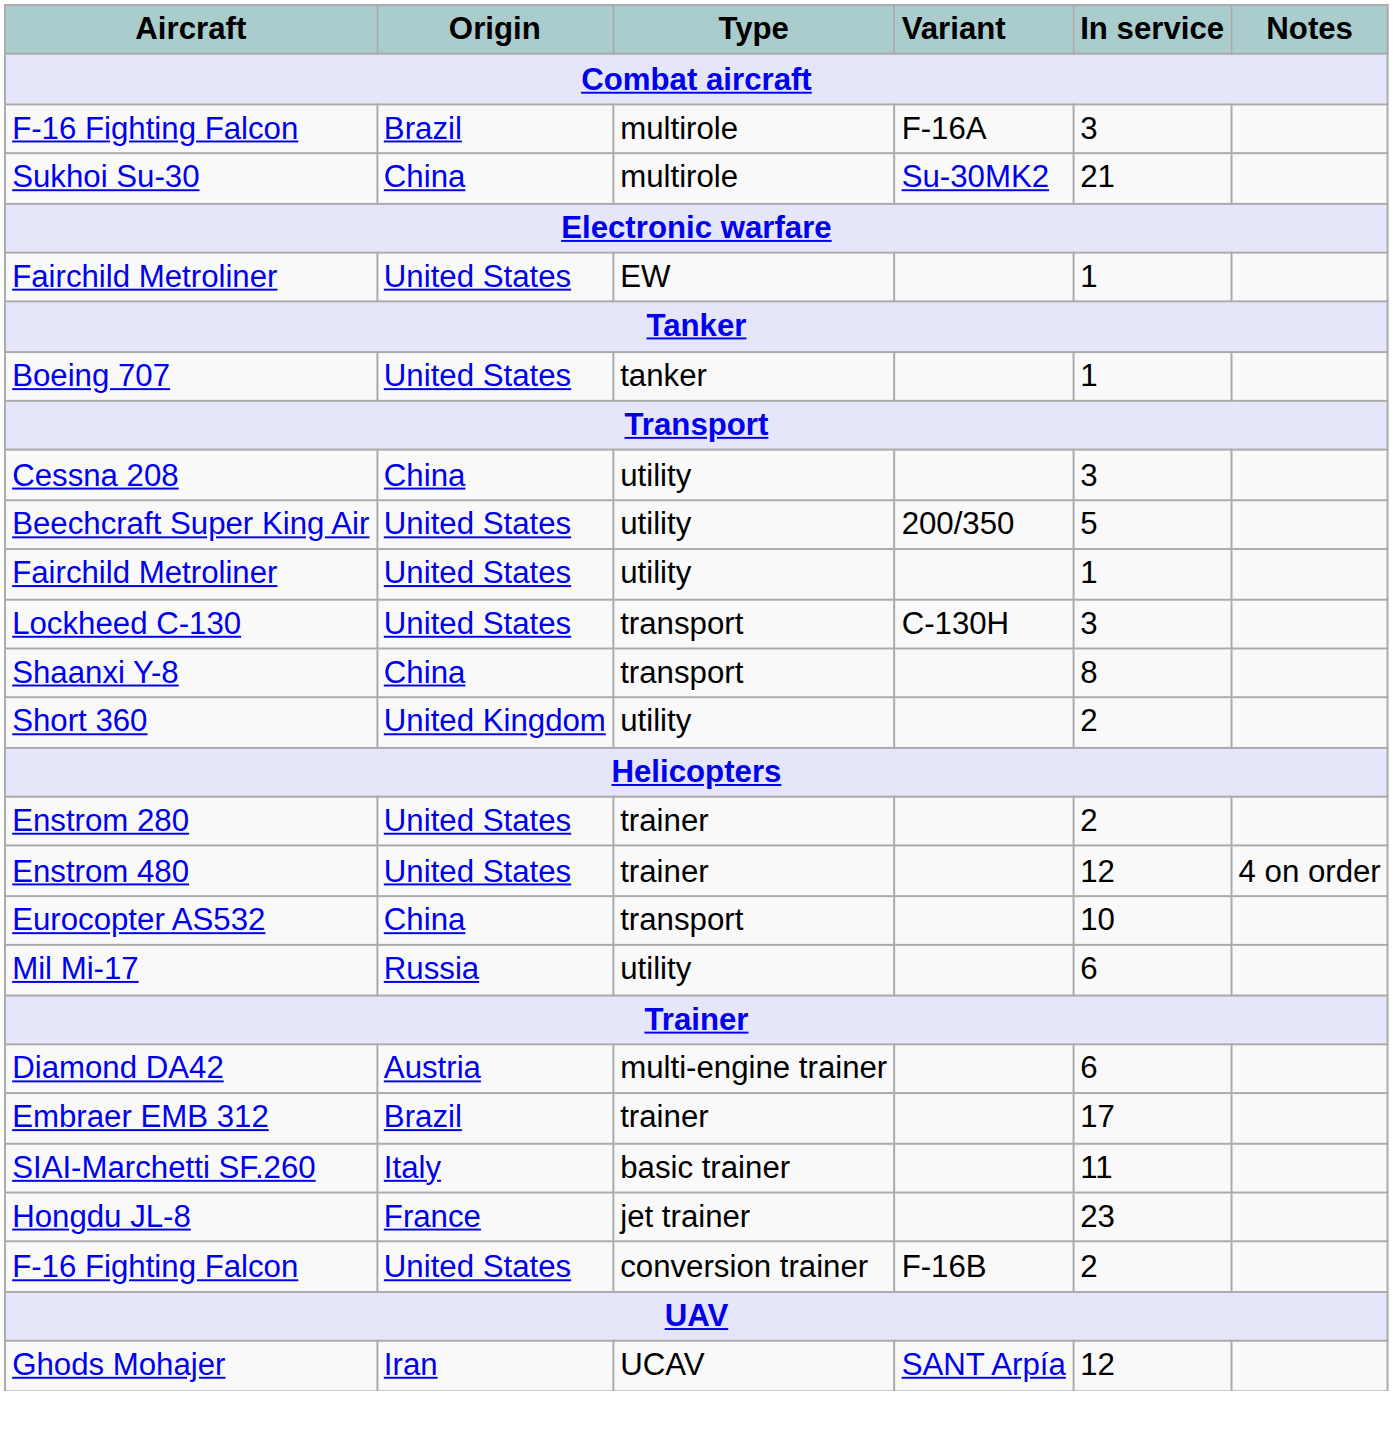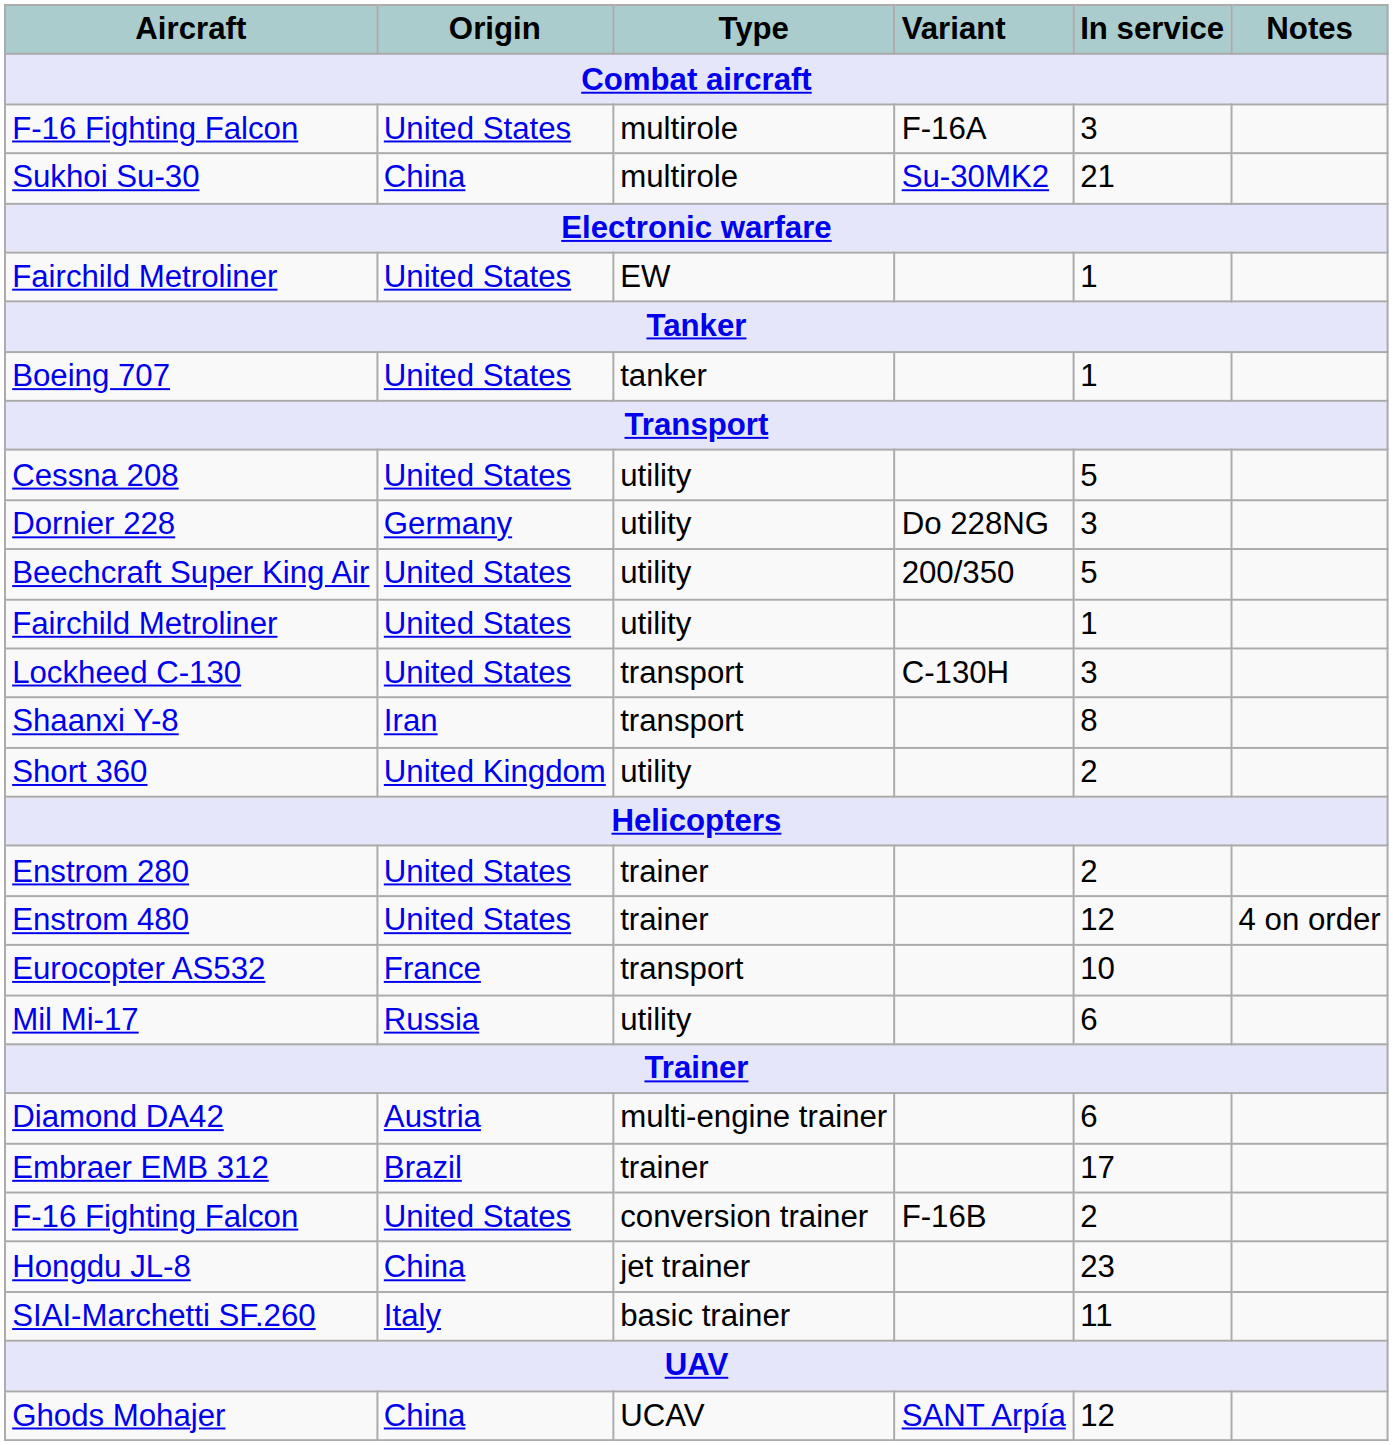 <table class="wikitable">
 <tr>
 <th style="text-align:center; background:#acc;">Aircraft</th>
 <th style="text-align: center; background:#acc;">Origin</th>
 <th style="text-align:l center; background:#acc;">Type</th>
 <th style="text-align:left; background:#acc;">Variant</th>
 <th style="text-align:center; background:#acc;">In service</th>
 <th style="text-align: center; background:#acc;">Notes</th>
 </tr>
 <tr>
 <th colspan="6" style="align: center; background: lavender;"><a href='#'>Combat aircraft</a></th>
 </tr>
 <tr>
 <td><a href='#'>F-16 Fighting Falcon</a></td>
-<td><a href='#'>Brazil</a></td>
+<td><a href='#'>United States</a></td>
 <td>multirole</td>
 <td>F-16A</td>
 <td>3</td>
 <td></td>
 </tr>
 <tr>
 <td><a href='#'>Sukhoi Su-30</a></td>
 <td><a href='#'>China</a></td>
 <td>multirole</td>
 <td><a href='#'>Su-30MK2</a></td>
 <td>21</td>
 <td></td>
 </tr>
 <tr>
 <th colspan="6" style="align: center; background: lavender;"><a href='#'>Electronic warfare</a></th>
 </tr>
 <tr>
 <td><a href='#'>Fairchild Metroliner</a></td>
 <td><a href='#'>United States</a></td>
 <td>EW</td>
 <td></td>
 <td>1</td>
 <td></td>
 </tr>
 <tr>
 <th colspan="6" style="align: center; background: lavender;"><a href='#'>Tanker</a></th>
 </tr>
 <tr>
 <td><a href='#'>Boeing 707</a></td>
 <td><a href='#'>United States</a></td>
 <td>tanker</td>
 <td></td>
 <td>1</td>
 <td></td>
 </tr>
 <tr>
 <th colspan="6" style="align: center; background: lavender;"><a href='#'>Transport</a></th>
 </tr>
 <tr>
 <td><a href='#'>Cessna 208</a></td>
-<td><a href='#'>China</a></td>
+<td><a href='#'>United States</a></td>
 <td>utility</td>
 <td></td>
+<td>5</td>
+<td></td>
+</tr>
+<tr>
+<td><a href='#'>Dornier 228</a></td>
+<td><a href='#'>Germany</a></td>
+<td>utility</td>
+<td>Do 228NG</td>
 <td>3</td>
 <td></td>
 </tr>
 <tr>
 <td><a href='#'>Beechcraft Super King Air</a></td>
 <td><a href='#'>United States</a></td>
 <td>utility</td>
 <td>200/350</td>
 <td>5</td>
 <td></td>
 </tr>
 <tr>
 <td><a href='#'>Fairchild Metroliner</a></td>
 <td><a href='#'>United States</a></td>
 <td>utility</td>
 <td></td>
 <td>1</td>
 <td></td>
 </tr>
 <tr>
 <td><a href='#'>Lockheed C-130</a></td>
 <td><a href='#'>United States</a></td>
 <td>transport</td>
 <td>C-130H</td>
 <td>3</td>
 <td></td>
 </tr>
 <tr>
 <td><a href='#'>Shaanxi Y-8</a></td>
-<td><a href='#'>China</a></td>
+<td><a href='#'>Iran</a></td>
 <td>transport</td>
 <td></td>
 <td>8</td>
 <td></td>
 </tr>
 <tr>
 <td><a href='#'>Short 360</a></td>
 <td><a href='#'>United Kingdom</a></td>
 <td>utility</td>
 <td></td>
 <td>2</td>
 <td></td>
 </tr>
 <tr>
 <th colspan="6" style="align: center; background: lavender;"><a href='#'>Helicopters</a></th>
 </tr>
 <tr>
 <td><a href='#'>Enstrom 280</a></td>
 <td><a href='#'>United States</a></td>
 <td>trainer</td>
 <td></td>
 <td>2</td>
 <td></td>
 </tr>
 <tr>
 <td><a href='#'>Enstrom 480</a></td>
 <td><a href='#'>United States</a></td>
 <td>trainer</td>
 <td></td>
 <td>12</td>
 <td>4 on order</td>
 </tr>
 <tr>
 <td><a href='#'>Eurocopter AS532</a></td>
-<td><a href='#'>China</a></td>
+<td><a href='#'>France</a></td>
 <td>transport</td>
 <td></td>
 <td>10</td>
 <td></td>
 </tr>
 <tr>
 <td><a href='#'>Mil Mi-17</a></td>
 <td><a href='#'>Russia</a></td>
 <td>utility</td>
 <td></td>
 <td>6</td>
 <td></td>
 </tr>
 <tr>
 <th colspan="6" style="align: center; background: lavender;"><a href='#'>Trainer</a></th>
 </tr>
 <tr>
 <td><a href='#'>Diamond DA42</a></td>
 <td><a href='#'>Austria</a></td>
 <td>multi-engine trainer</td>
 <td></td>
 <td>6</td>
 <td></td>
 </tr>
 <tr>
 <td><a href='#'>Embraer EMB 312</a></td>
 <td><a href='#'>Brazil</a></td>
 <td>trainer</td>
 <td></td>
 <td>17</td>
 <td></td>
 </tr>
 <tr>
+<td><a href='#'>F-16 Fighting Falcon</a></td>
+<td><a href='#'>United States</a></td>
+<td>conversion trainer</td>
+<td>F-16B</td>
+<td>2</td>
+<td></td>
+</tr>
+<tr>
+<td><a href='#'>Hongdu JL-8</a></td>
+<td><a href='#'>China</a></td>
+<td>jet trainer</td>
+<td></td>
+<td>23</td>
+<td></td>
+</tr>
+<tr>
 <td><a href='#'>SIAI-Marchetti SF.260</a></td>
 <td><a href='#'>Italy</a></td>
 <td>basic trainer</td>
 <td></td>
 <td>11</td>
 <td></td>
 </tr>
 <tr>
-<td><a href='#'>Hongdu JL-8</a></td>
-<td><a href='#'>France</a></td>
-<td>jet trainer</td>
-<td></td>
-<td>23</td>
-<td></td>
-</tr>
-<tr>
-<td><a href='#'>F-16 Fighting Falcon</a></td>
-<td><a href='#'>United States</a></td>
-<td>conversion trainer</td>
-<td>F-16B</td>
-<td>2</td>
-<td></td>
-</tr>
-<tr>
 <th colspan="6" style="align: center; background: lavender;"><a href='#'>UAV</a></th>
 </tr>
 <tr>
 <td><a href='#'>Ghods Mohajer</a></td>
-<td><a href='#'>Iran</a></td>
+<td><a href='#'>China</a></td>
 <td>UCAV</td>
 <td><a href='#'>SANT Arpía</a></td>
 <td>12</td>
 <td></td>
 </tr>
 </table>
